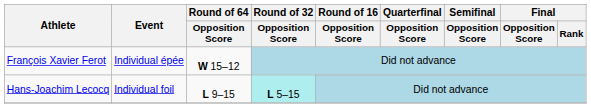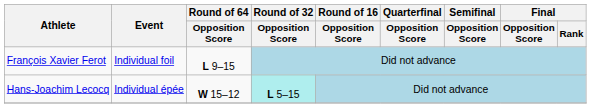 <table class="wikitable" style="font-size:90%">
 <tr>
 <th rowspan="2">Athlete</th>
 <th rowspan="2">Event</th>
 <th>Round of 64</th>
 <th>Round of 32</th>
 <th>Round of 16</th>
 <th>Quarterfinal</th>
 <th>Semifinal</th>
 <th colspan=2>Final</th>
 </tr>
 <tr style="font-size:95%">
 <th>Opposition <br> Score</th>
 <th>Opposition <br> Score</th>
 <th>Opposition <br> Score</th>
 <th>Opposition <br> Score</th>
 <th>Opposition <br> Score</th>
 <th>Opposition <br> Score</th>
 <th>Rank</th>
 </tr>
 <tr>
 <td><a href='#'>François Xavier Ferot</a></td>
-<td><a href='#'>Individual épée</a></td>
-<td align=center> <br><strong>W</strong> 15–12</td>
+<td><a href='#'>Individual foil</a></td>
+<td align=center> <br><strong>L</strong> 9–15</td>
 <td colspan=6 bgcolor=lightblue align=center>Did not advance</td>
 </tr>
 <tr>
 <td><a href='#'>Hans-Joachim Lecocq</a></td>
-<td><a href='#'>Individual foil</a></td>
-<td align=center> <br><strong>L</strong> 9–15</td>
+<td><a href='#'>Individual épée</a></td>
+<td align=center> <br><strong>W</strong> 15–12</td>
 <td align=center style="background: paleturquoise;"> <br><strong>L</strong> 5–15</td>
 <td colspan=5 bgcolor=lightblue align=center>Did not advance</td>
 </tr>
 <tr>
 </tr>
 </table>
